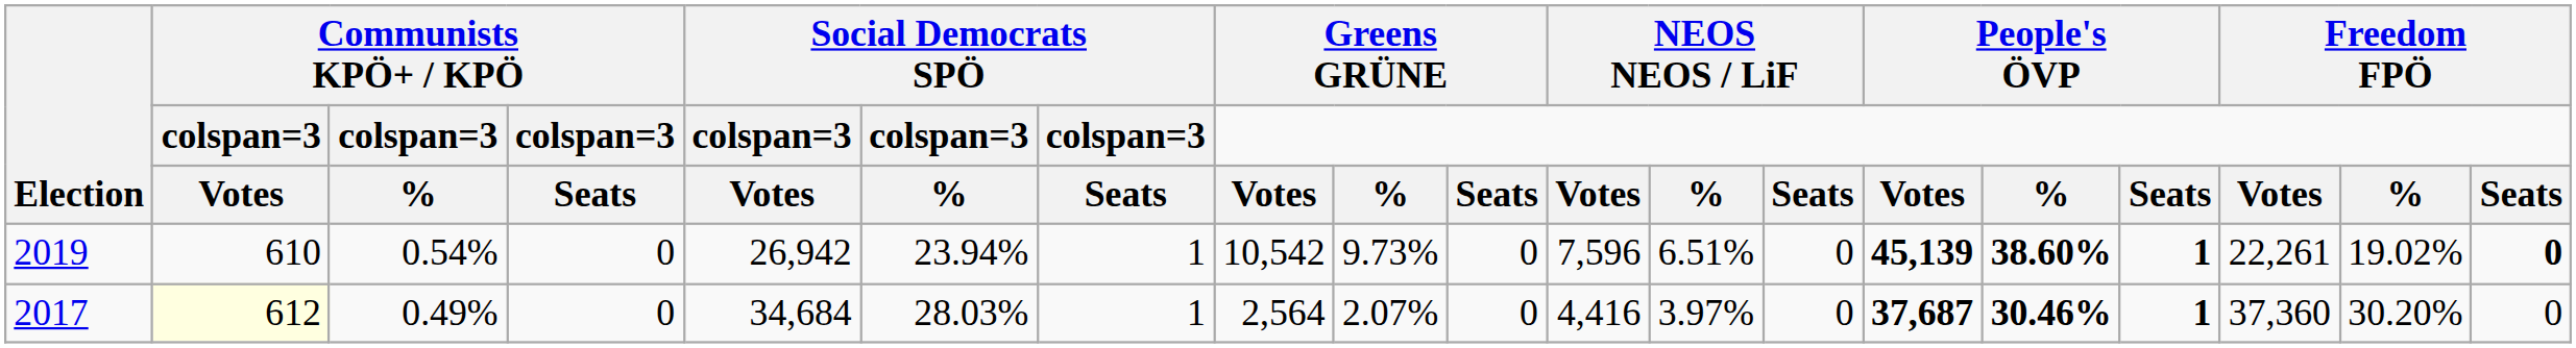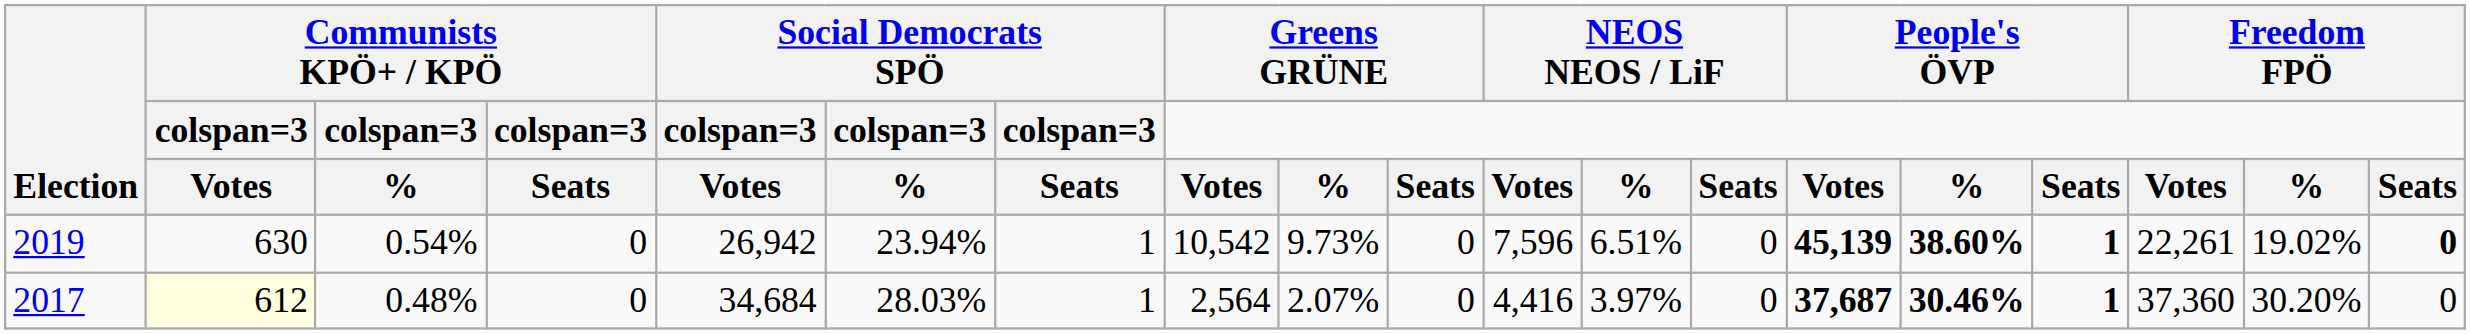 <table class="wikitable" border="1" style="font-size:100%; text-align:right;">
 <tr>
 <th style="text-align:left;" valign=bottom rowspan=3>Election</th>
 <th valign=bottom colspan=3><a href='#'>Communists</a><br>KPÖ+ / KPÖ</th>
 <th valign=bottom colspan=3><a href='#'>Social Democrats</a><br>SPÖ</th>
 <th valign=bottom colspan=3><a href='#'>Greens</a><br>GRÜNE</th>
 <th valign=bottom colspan=3><a href='#'>NEOS</a><br>NEOS / LiF</th>
 <th valign=bottom colspan=3><a href='#'>People's</a><br>ÖVP</th>
 <th valign=bottom colspan=3><a href='#'>Freedom</a><br>FPÖ</th>
 </tr>
 <tr>
 <th>colspan=3 </th>
 <th>colspan=3 </th>
 <th>colspan=3 </th>
 <th>colspan=3 </th>
 <th>colspan=3 </th>
 <th>colspan=3 </th>
 </tr>
 <tr>
 <th>Votes</th>
 <th>%</th>
 <th>Seats</th>
 <th>Votes</th>
 <th>%</th>
 <th>Seats</th>
 <th>Votes</th>
 <th>%</th>
 <th>Seats</th>
 <th>Votes</th>
 <th>%</th>
 <th>Seats</th>
 <th>Votes</th>
 <th>%</th>
 <th>Seats</th>
 <th>Votes</th>
 <th>%</th>
 <th>Seats</th>
 </tr>
 <tr>
 <td align=left><a href='#'>2019</a></td>
-<td>610</td>
+<td>630</td>
 <td>0.54%</td>
 <td>0</td>
 <td>26,942</td>
 <td>23.94%</td>
 <td>1</td>
 <td>10,542</td>
 <td>9.73%</td>
 <td>0</td>
 <td>7,596</td>
 <td>6.51%</td>
 <td>0</td>
 <td><strong>45,139</strong></td>
 <td><strong>38.60%</strong></td>
 <td><strong>1</strong></td>
 <td>22,261</td>
 <td>19.02%</td>
 <td><strong>0</strong></td>
 </tr>
 <tr>
 <td align=left><a href='#'>2017</a></td>
 <td style="background: lightyellow;">612</td>
-<td>0.49%</td>
+<td>0.48%</td>
 <td>0</td>
 <td>34,684</td>
 <td>28.03%</td>
 <td>1</td>
 <td>2,564</td>
 <td>2.07%</td>
 <td>0</td>
 <td>4,416</td>
 <td>3.97%</td>
 <td>0</td>
 <td><strong>37,687</strong></td>
 <td><strong>30.46%</strong></td>
 <td><strong>1</strong></td>
 <td>37,360</td>
 <td>30.20%</td>
 <td>0</td>
 </tr>
 </table>
